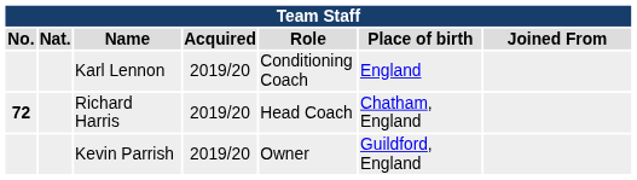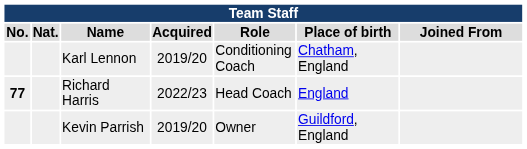 <table class="toccolours"  style="width:97%; clear:both; margin:1.5em auto; text-align:center;">
 <tr>
 <th colspan="11" style="background:#173d6b; color:white;”">Team Staff</th>
 </tr>
 <tr style="background:#ddd;">
 <th width=5%>No.</th>
 <th width=5%>Nat.</th>
 <th !width=22%>Name</th>
 <th width=7%>Acquired</th>
 <th width=16%>Role</th>
 <th width=20%>Place of birth</th>
 <th width=24%>Joined From</th>
 </tr>
 <tr style="background:#eee;">
 <td></td>
 <td></td>
 <td align=left>Karl Lennon</td>
 <td>2019/20</td>
 <td align=left>Conditioning Coach</td>
-<td align=left><a href='#'>England</a></td>
+<td align=left><a href='#'>Chatham</a>, England</td>
 <td align=left></td>
 </tr>
 <tr style="background:#eee;">
-<td><strong>72</strong></td>
+<td><strong>77</strong></td>
 <td></td>
 <td align=left>Richard Harris</td>
-<td>2019/20</td>
+<td>2022/23</td>
 <td align=left>Head Coach</td>
-<td align=left><a href='#'>Chatham</a>, England</td>
+<td align=left><a href='#'>England</a></td>
 <td align=left></td>
 </tr>
 <tr style="background:#eee;">
 <td></td>
 <td></td>
 <td align=left>Kevin Parrish</td>
 <td>2019/20</td>
 <td align=left>Owner</td>
 <td align=left><a href='#'>Guildford</a>, England</td>
 <td align=left></td>
 </tr>
 </table>
